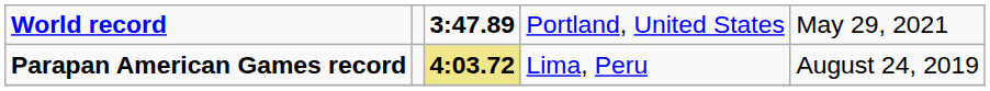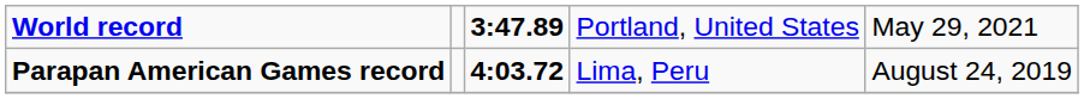 <table class="wikitable">
 <tr>
 <td><strong><a href='#'>World record</a></strong></td>
 <td></td>
 <td><strong>3:47.89</strong></td>
 <td><a href='#'>Portland</a>, <a href='#'>United States</a></td>
 <td>May 29, 2021</td>
 </tr>
 <tr>
 <td><strong>Parapan American Games record</strong></td>
 <td></td>
-<td style="background: khaki;"><strong>4:03.72</strong></td>
+<td><strong>4:03.72</strong></td>
 <td><a href='#'>Lima</a>, <a href='#'>Peru</a></td>
 <td>August 24, 2019</td>
 </tr>
 <tr>
 </tr>
 </table>
